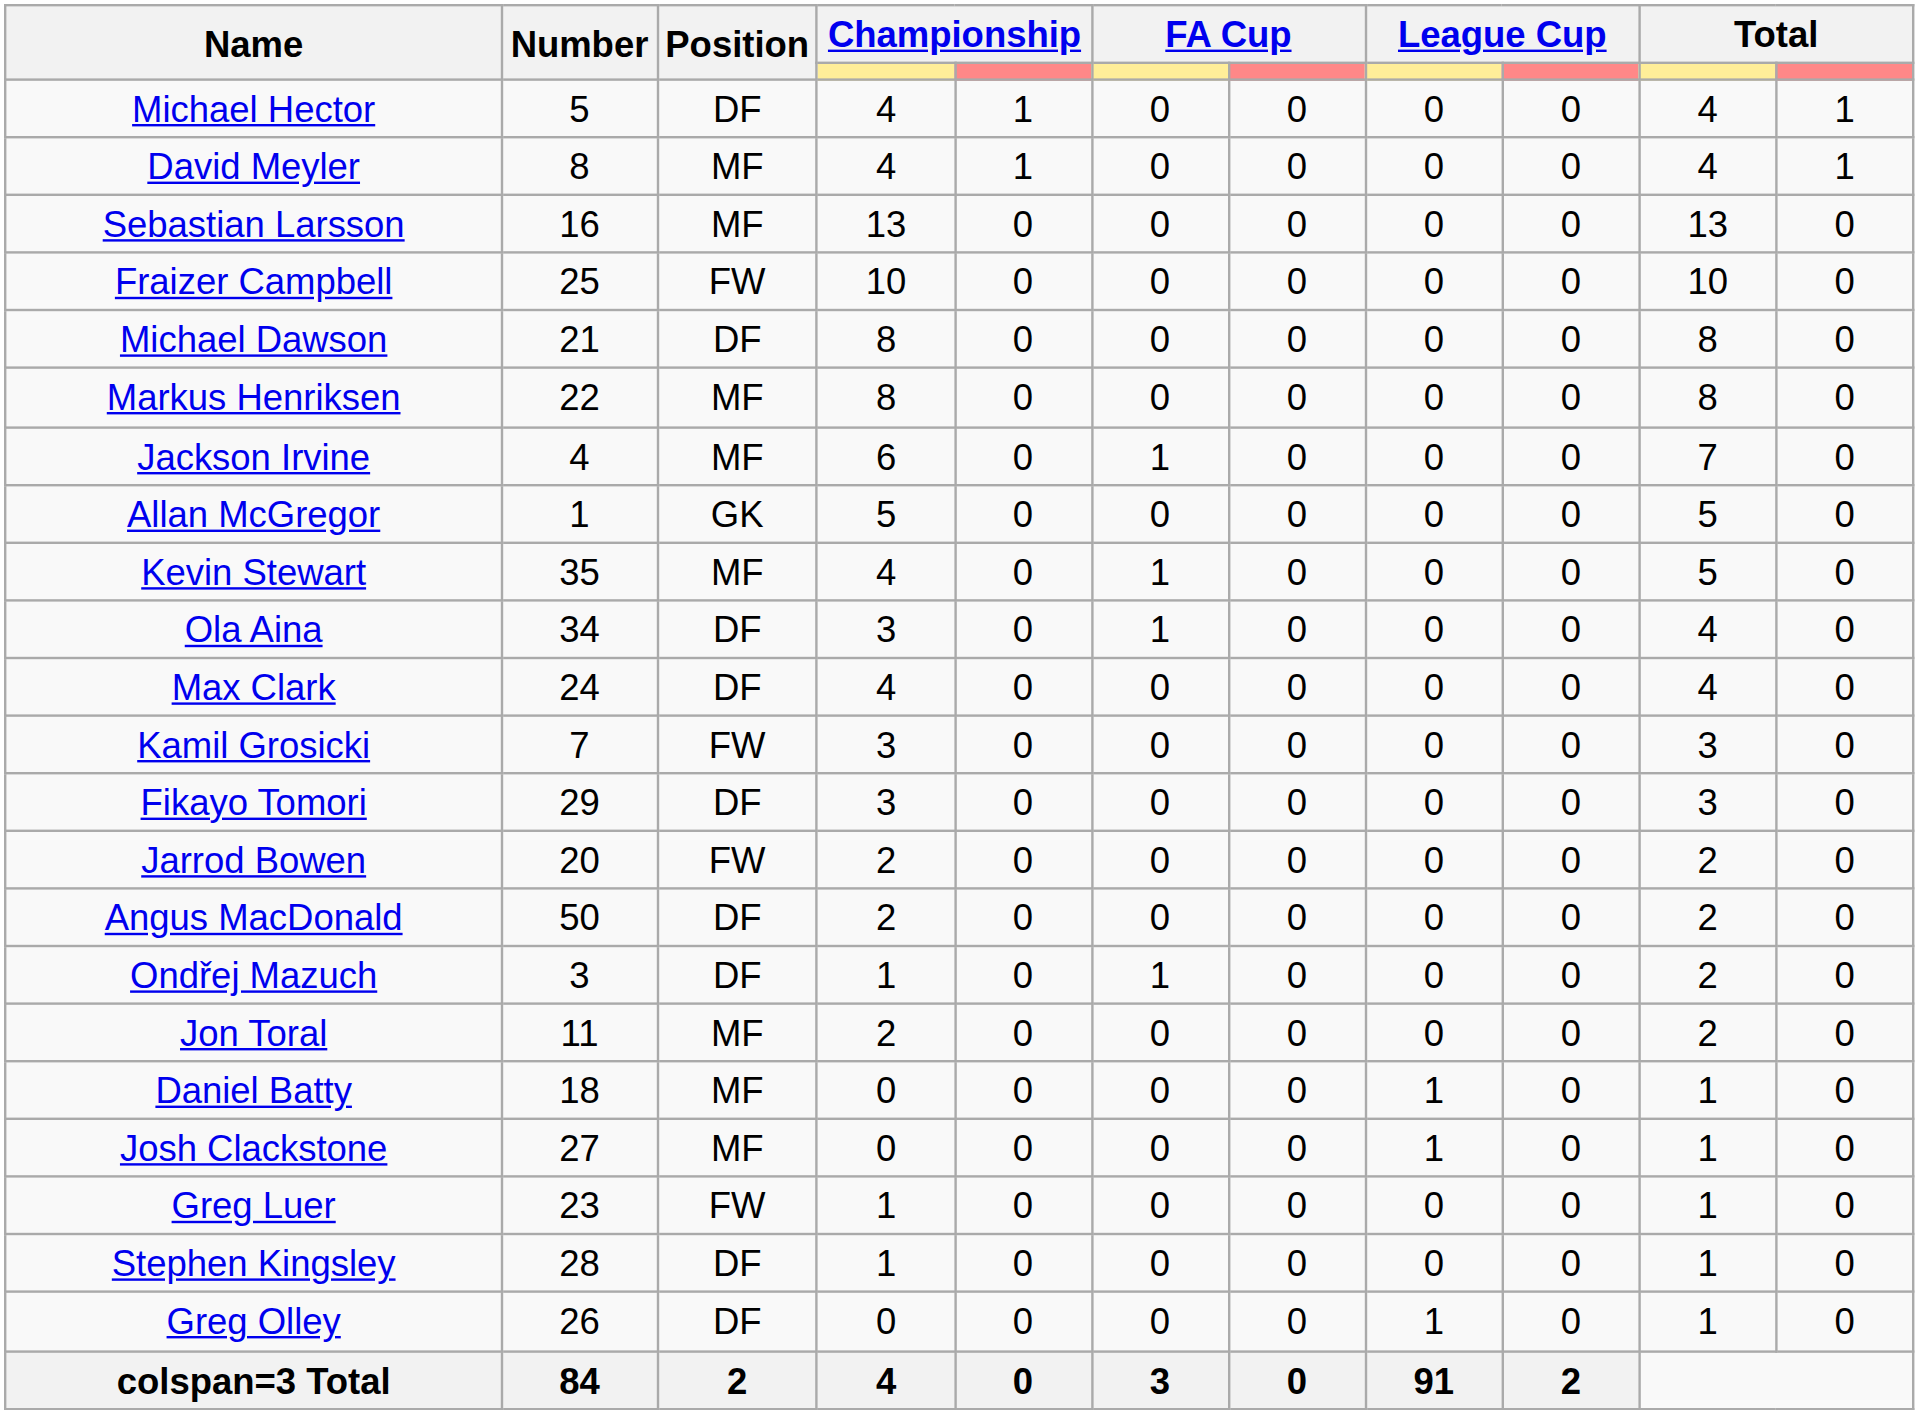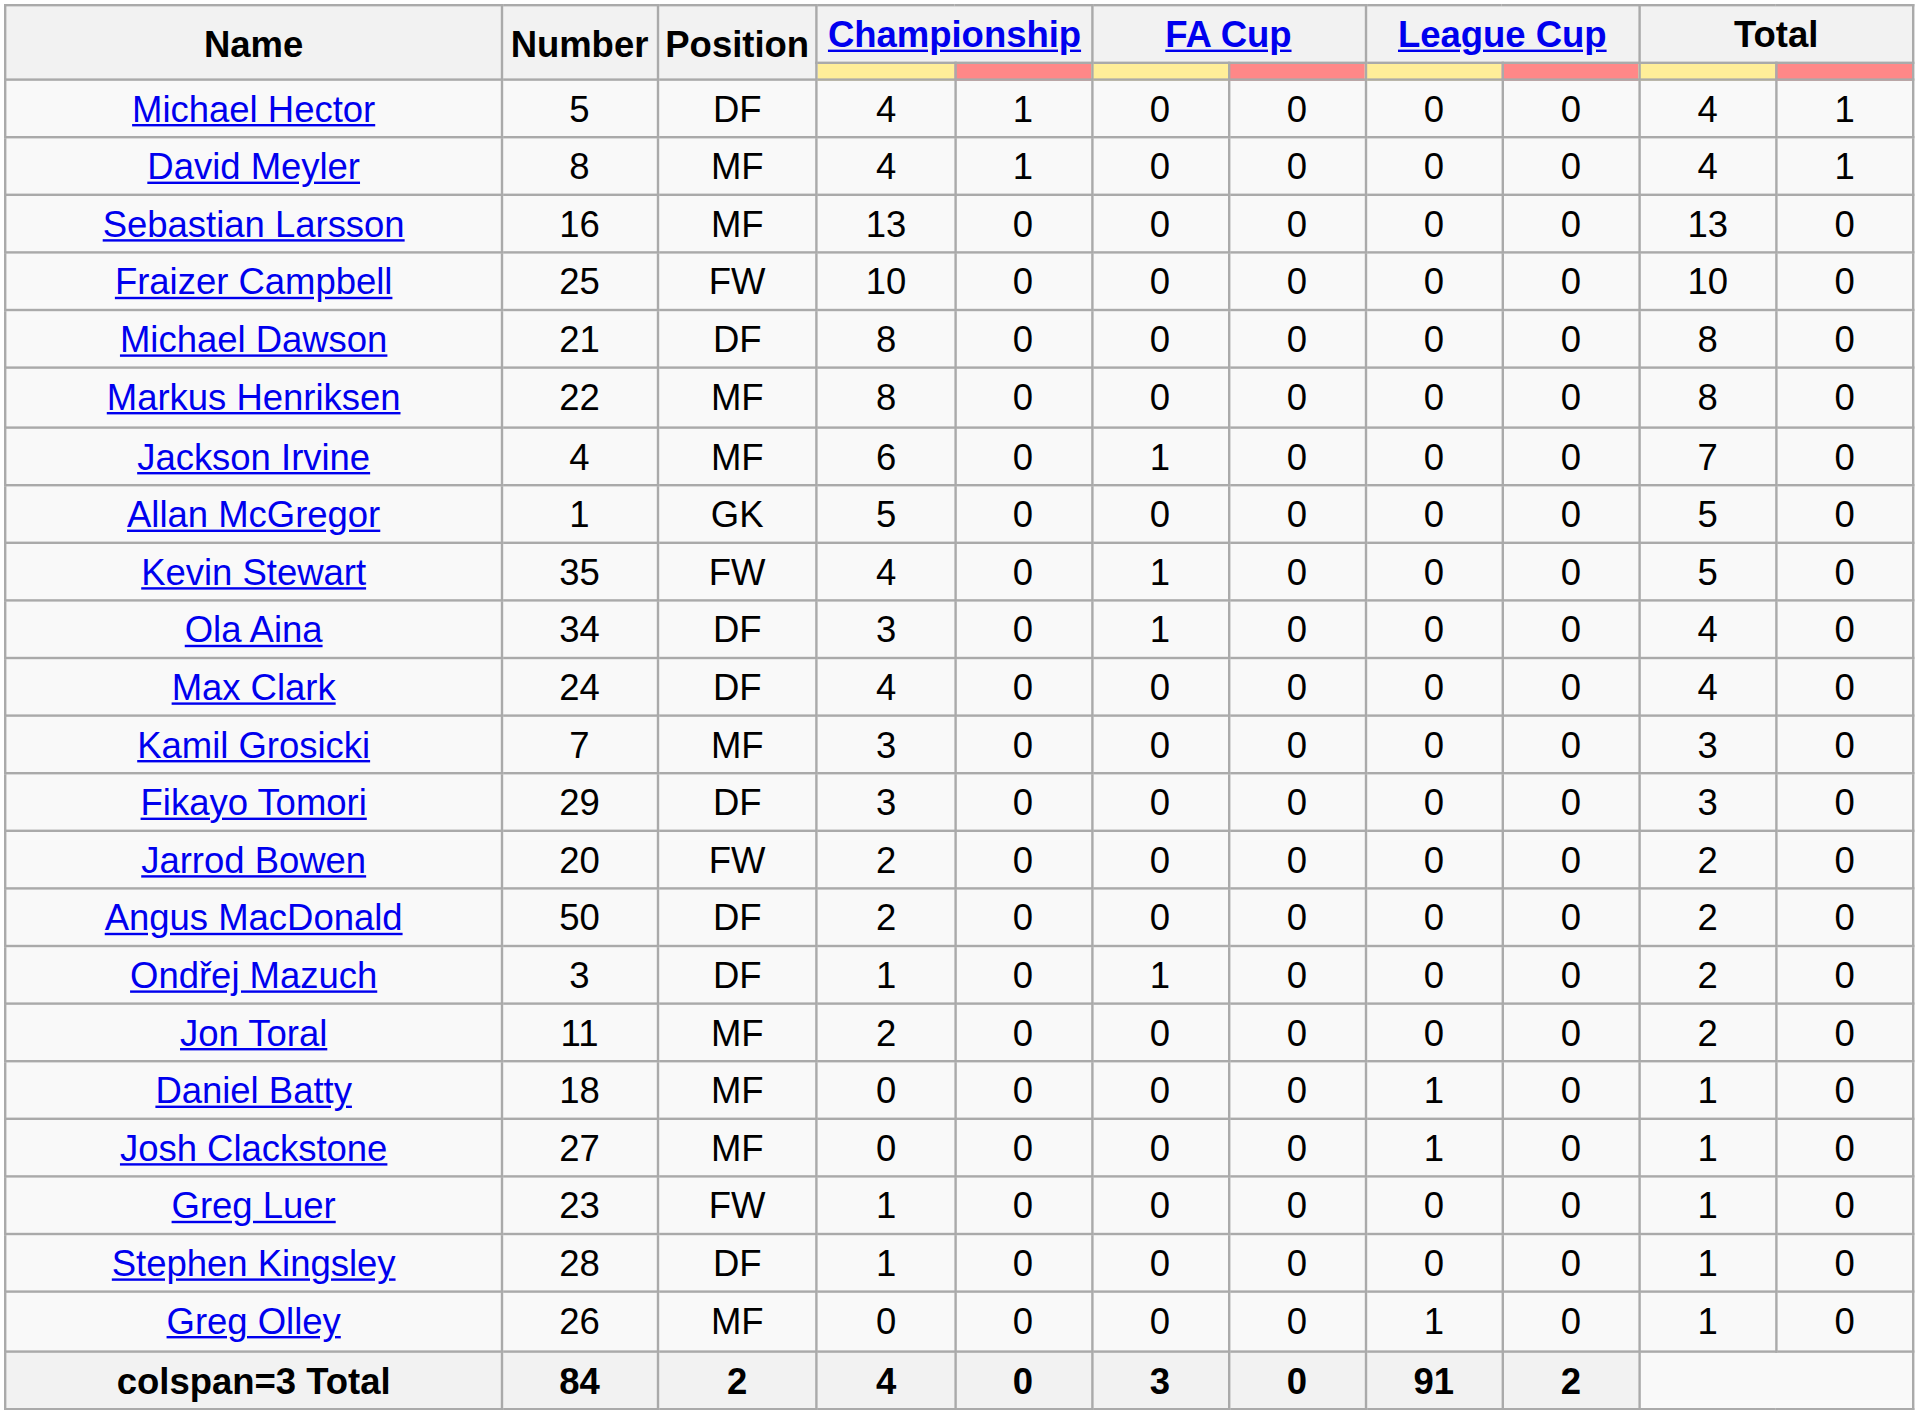 <table class="wikitable" style="font-size: 95%; text-align: center;">
 <tr>
 <th rowspan="2;" style="width:200px;">Name</th>
 <th rowspan=2>Number</th>
 <th rowspan=2>Position</th>
 <th colspan=2><a href='#'>Championship</a></th>
 <th colspan=2><a href='#'>FA Cup</a></th>
 <th colspan=2><a href='#'>League Cup</a></th>
 <th colspan=2>Total</th>
 </tr>
 <tr>
 <th style="width:50px; background:#fe9;"></th>
 <th style="width:50px; background:#ff8888;"></th>
 <th style="width:50px; background:#fe9;"></th>
 <th style="width:50px; background:#ff8888;"></th>
 <th style="width:50px; background:#fe9;"></th>
 <th style="width:50px; background:#ff8888;"></th>
 <th style="width:50px; background:#fe9;"></th>
 <th style="width:50px; background:#ff8888;"></th>
 </tr>
 <tr>
 <td> <a href='#'>Michael Hector</a></td>
 <td>5</td>
 <td>DF</td>
 <td>4</td>
 <td>1</td>
 <td>0</td>
 <td>0</td>
 <td>0</td>
 <td>0</td>
 <td>4</td>
 <td>1</td>
 </tr>
 <tr>
 <td> <a href='#'>David Meyler</a></td>
 <td>8</td>
 <td>MF</td>
 <td>4</td>
 <td>1</td>
 <td>0</td>
 <td>0</td>
 <td>0</td>
 <td>0</td>
 <td>4</td>
 <td>1</td>
 </tr>
 <tr>
 <td> <a href='#'>Sebastian Larsson</a></td>
 <td>16</td>
 <td>MF</td>
 <td>13</td>
 <td>0</td>
 <td>0</td>
 <td>0</td>
 <td>0</td>
 <td>0</td>
 <td>13</td>
 <td>0</td>
 </tr>
 <tr>
 <td> <a href='#'>Fraizer Campbell</a></td>
 <td>25</td>
 <td>FW</td>
 <td>10</td>
 <td>0</td>
 <td>0</td>
 <td>0</td>
 <td>0</td>
 <td>0</td>
 <td>10</td>
 <td>0</td>
 </tr>
 <tr>
 <td> <a href='#'>Michael Dawson</a></td>
 <td>21</td>
 <td>DF</td>
 <td>8</td>
 <td>0</td>
 <td>0</td>
 <td>0</td>
 <td>0</td>
 <td>0</td>
 <td>8</td>
 <td>0</td>
 </tr>
 <tr>
 <td> <a href='#'>Markus Henriksen</a></td>
 <td>22</td>
 <td>MF</td>
 <td>8</td>
 <td>0</td>
 <td>0</td>
 <td>0</td>
 <td>0</td>
 <td>0</td>
 <td>8</td>
 <td>0</td>
 </tr>
 <tr>
 <td> <a href='#'>Jackson Irvine</a></td>
 <td>4</td>
 <td>MF</td>
 <td>6</td>
 <td>0</td>
 <td>1</td>
 <td>0</td>
 <td>0</td>
 <td>0</td>
 <td>7</td>
 <td>0</td>
 </tr>
 <tr>
 <td> <a href='#'>Allan McGregor</a></td>
 <td>1</td>
 <td>GK</td>
 <td>5</td>
 <td>0</td>
 <td>0</td>
 <td>0</td>
 <td>0</td>
 <td>0</td>
 <td>5</td>
 <td>0</td>
 </tr>
 <tr>
 <td> <a href='#'>Kevin Stewart</a></td>
 <td>35</td>
-<td>MF</td>
+<td>FW</td>
 <td>4</td>
 <td>0</td>
 <td>1</td>
 <td>0</td>
 <td>0</td>
 <td>0</td>
 <td>5</td>
 <td>0</td>
 </tr>
 <tr>
 <td> <a href='#'>Ola Aina</a></td>
 <td>34</td>
 <td>DF</td>
 <td>3</td>
 <td>0</td>
 <td>1</td>
 <td>0</td>
 <td>0</td>
 <td>0</td>
 <td>4</td>
 <td>0</td>
 </tr>
 <tr>
 <td> <a href='#'>Max Clark</a></td>
 <td>24</td>
 <td>DF</td>
 <td>4</td>
 <td>0</td>
 <td>0</td>
 <td>0</td>
 <td>0</td>
 <td>0</td>
 <td>4</td>
 <td>0</td>
 </tr>
 <tr>
 <td> <a href='#'>Kamil Grosicki</a></td>
 <td>7</td>
-<td>FW</td>
+<td>MF</td>
 <td>3</td>
 <td>0</td>
 <td>0</td>
 <td>0</td>
 <td>0</td>
 <td>0</td>
 <td>3</td>
 <td>0</td>
 </tr>
 <tr>
 <td> <a href='#'>Fikayo Tomori</a></td>
 <td>29</td>
 <td>DF</td>
 <td>3</td>
 <td>0</td>
 <td>0</td>
 <td>0</td>
 <td>0</td>
 <td>0</td>
 <td>3</td>
 <td>0</td>
 </tr>
 <tr>
 <td> <a href='#'>Jarrod Bowen</a></td>
 <td>20</td>
 <td>FW</td>
 <td>2</td>
 <td>0</td>
 <td>0</td>
 <td>0</td>
 <td>0</td>
 <td>0</td>
 <td>2</td>
 <td>0</td>
 </tr>
 <tr>
 <td> <a href='#'>Angus MacDonald</a></td>
 <td>50</td>
 <td>DF</td>
 <td>2</td>
 <td>0</td>
 <td>0</td>
 <td>0</td>
 <td>0</td>
 <td>0</td>
 <td>2</td>
 <td>0</td>
 </tr>
 <tr>
 <td> <a href='#'>Ondřej Mazuch</a></td>
 <td>3</td>
 <td>DF</td>
 <td>1</td>
 <td>0</td>
 <td>1</td>
 <td>0</td>
 <td>0</td>
 <td>0</td>
 <td>2</td>
 <td>0</td>
 </tr>
 <tr>
 <td> <a href='#'>Jon Toral</a></td>
 <td>11</td>
 <td>MF</td>
 <td>2</td>
 <td>0</td>
 <td>0</td>
 <td>0</td>
 <td>0</td>
 <td>0</td>
 <td>2</td>
 <td>0</td>
 </tr>
 <tr>
 <td> <a href='#'>Daniel Batty</a></td>
 <td>18</td>
 <td>MF</td>
 <td>0</td>
 <td>0</td>
 <td>0</td>
 <td>0</td>
 <td>1</td>
 <td>0</td>
 <td>1</td>
 <td>0</td>
 </tr>
 <tr>
 <td> <a href='#'>Josh Clackstone</a></td>
 <td>27</td>
 <td>MF</td>
 <td>0</td>
 <td>0</td>
 <td>0</td>
 <td>0</td>
 <td>1</td>
 <td>0</td>
 <td>1</td>
 <td>0</td>
 </tr>
 <tr>
 <td> <a href='#'>Greg Luer</a></td>
 <td>23</td>
 <td>FW</td>
 <td>1</td>
 <td>0</td>
 <td>0</td>
 <td>0</td>
 <td>0</td>
 <td>0</td>
 <td>1</td>
 <td>0</td>
 </tr>
 <tr>
 <td> <a href='#'>Stephen Kingsley</a></td>
 <td>28</td>
 <td>DF</td>
 <td>1</td>
 <td>0</td>
 <td>0</td>
 <td>0</td>
 <td>0</td>
 <td>0</td>
 <td>1</td>
 <td>0</td>
 </tr>
 <tr>
 <td> <a href='#'>Greg Olley</a></td>
 <td>26</td>
-<td>DF</td>
+<td>MF</td>
 <td>0</td>
 <td>0</td>
 <td>0</td>
 <td>0</td>
 <td>1</td>
 <td>0</td>
 <td>1</td>
 <td>0</td>
 </tr>
 <tr>
 <th>colspan=3 Total</th>
 <th>84</th>
 <th>2</th>
 <th>4</th>
 <th>0</th>
 <th>3</th>
 <th>0</th>
 <th>91</th>
 <th>2</th>
 </tr>
 </table>
